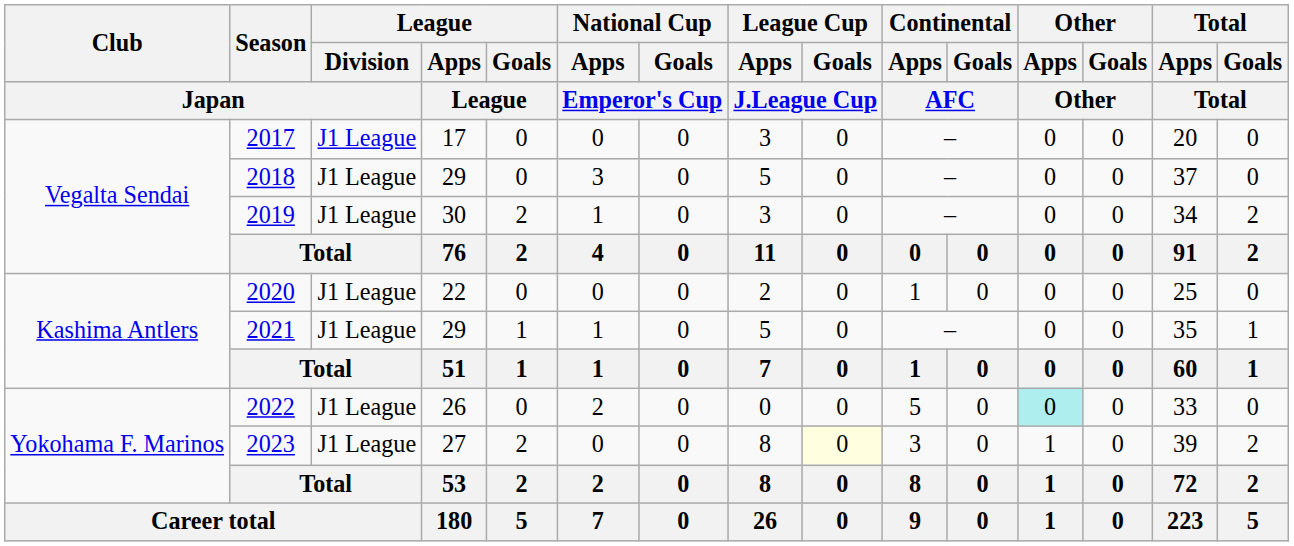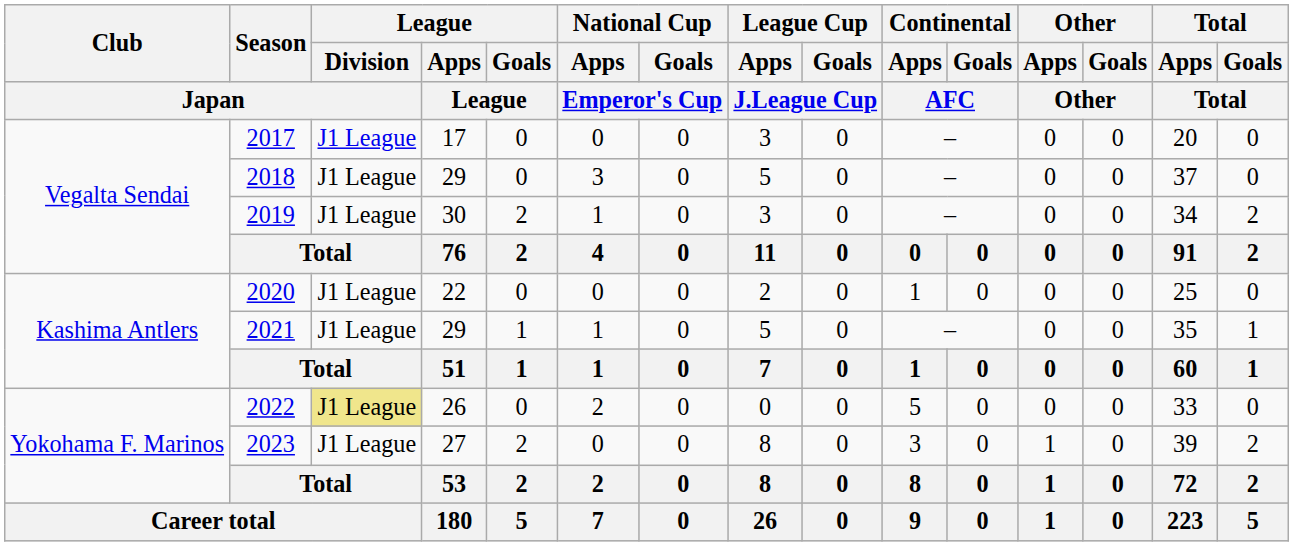 <table class="wikitable" style="text-align: center">
 <tr>
 <th rowspan="2">Club</th>
 <th rowspan="2">Season</th>
 <th colspan="3">League</th>
 <th colspan="2">National Cup</th>
 <th colspan="2">League Cup</th>
 <th colspan="2">Continental</th>
 <th colspan="2">Other</th>
 <th colspan="2">Total</th>
 </tr>
 <tr>
 <th>Division</th>
 <th>Apps</th>
 <th>Goals</th>
 <th>Apps</th>
 <th>Goals</th>
 <th>Apps</th>
 <th>Goals</th>
 <th>Apps</th>
 <th>Goals</th>
 <th>Apps</th>
 <th>Goals</th>
 <th>Apps</th>
 <th>Goals</th>
 </tr>
 <tr>
 <th colspan=3>Japan</th>
 <th colspan=2>League</th>
 <th colspan=2><a href='#'>Emperor's Cup</a></th>
 <th colspan=2><a href='#'>J.League Cup</a></th>
 <th colspan=2><a href='#'>AFC</a></th>
 <th colspan=2>Other</th>
 <th colspan=2>Total</th>
 </tr>
 <tr>
 <td rowspan="4"><a href='#'>Vegalta Sendai</a></td>
 <td><a href='#'>2017</a></td>
 <td><a href='#'>J1 League</a></td>
 <td>17</td>
 <td>0</td>
 <td>0</td>
 <td>0</td>
 <td>3</td>
 <td>0</td>
 <td colspan="2">–</td>
 <td>0</td>
 <td>0</td>
 <td>20</td>
 <td>0</td>
 </tr>
 <tr>
 <td><a href='#'>2018</a></td>
 <td>J1 League</td>
 <td>29</td>
 <td>0</td>
 <td>3</td>
 <td>0</td>
 <td>5</td>
 <td>0</td>
 <td colspan="2">–</td>
 <td>0</td>
 <td>0</td>
 <td>37</td>
 <td>0</td>
 </tr>
 <tr>
 <td><a href='#'>2019</a></td>
 <td>J1 League</td>
 <td>30</td>
 <td>2</td>
 <td>1</td>
 <td>0</td>
 <td>3</td>
 <td>0</td>
 <td colspan="2">–</td>
 <td>0</td>
 <td>0</td>
 <td>34</td>
 <td>2</td>
 </tr>
 <tr>
 <th colspan=2>Total</th>
 <th>76</th>
 <th>2</th>
 <th>4</th>
 <th>0</th>
 <th>11</th>
 <th>0</th>
 <th>0</th>
 <th>0</th>
 <th>0</th>
 <th>0</th>
 <th>91</th>
 <th>2</th>
 </tr>
 <tr>
 <td rowspan="3"><a href='#'>Kashima Antlers</a></td>
 <td><a href='#'>2020</a></td>
 <td>J1 League</td>
 <td>22</td>
 <td>0</td>
 <td>0</td>
 <td>0</td>
 <td>2</td>
 <td>0</td>
 <td>1</td>
 <td>0</td>
 <td>0</td>
 <td>0</td>
 <td>25</td>
 <td>0</td>
 </tr>
 <tr>
 <td><a href='#'>2021</a></td>
 <td>J1 League</td>
 <td>29</td>
 <td>1</td>
 <td>1</td>
 <td>0</td>
 <td>5</td>
 <td>0</td>
 <td colspan="2">–</td>
 <td>0</td>
 <td>0</td>
 <td>35</td>
 <td>1</td>
 </tr>
 <tr>
 <th colspan=2>Total</th>
 <th>51</th>
 <th>1</th>
 <th>1</th>
 <th>0</th>
 <th>7</th>
 <th>0</th>
 <th>1</th>
 <th>0</th>
 <th>0</th>
 <th>0</th>
 <th>60</th>
 <th>1</th>
 </tr>
 <tr>
 <td rowspan="3"><a href='#'>Yokohama F. Marinos</a></td>
 <td><a href='#'>2022</a></td>
-<td>J1 League</td>
+<td style="background: khaki;">J1 League</td>
 <td>26</td>
 <td>0</td>
 <td>2</td>
 <td>0</td>
 <td>0</td>
 <td>0</td>
 <td>5</td>
 <td>0</td>
-<td style="background: paleturquoise;">0</td>
+<td>0</td>
 <td>0</td>
 <td>33</td>
 <td>0</td>
 </tr>
 <tr>
 <td><a href='#'>2023</a></td>
 <td>J1 League</td>
 <td>27</td>
 <td>2</td>
 <td>0</td>
 <td>0</td>
 <td>8</td>
-<td style="background: lightyellow;">0</td>
+<td>0</td>
 <td>3</td>
 <td>0</td>
 <td>1</td>
 <td>0</td>
 <td>39</td>
 <td>2</td>
 </tr>
 <tr>
 <th colspan=2>Total</th>
 <th>53</th>
 <th>2</th>
 <th>2</th>
 <th>0</th>
 <th>8</th>
 <th>0</th>
 <th>8</th>
 <th>0</th>
 <th>1</th>
 <th>0</th>
 <th>72</th>
 <th>2</th>
 </tr>
 <tr>
 <th colspan=3>Career total</th>
 <th>180</th>
 <th>5</th>
 <th>7</th>
 <th>0</th>
 <th>26</th>
 <th>0</th>
 <th>9</th>
 <th>0</th>
 <th>1</th>
 <th>0</th>
 <th>223</th>
 <th>5</th>
 </tr>
 </table>
